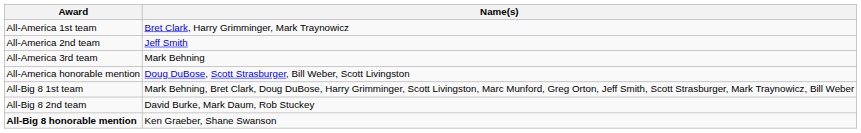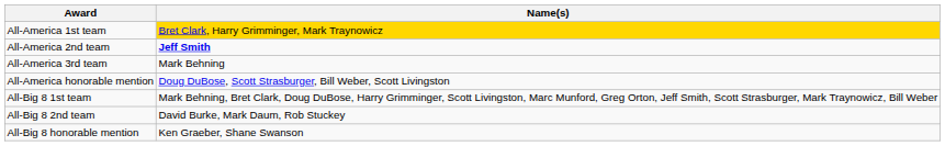 <table class="wikitable">
 <tr>
 <th>Award</th>
 <th>Name(s)</th>
 </tr>
 <tr>
 <td>All-America 1st team</td>
-<td><a href='#'>Bret Clark</a>, Harry Grimminger, Mark Traynowicz</td>
+<td style="background: gold;"><a href='#'>Bret Clark</a>, Harry Grimminger, Mark Traynowicz</td>
 </tr>
 <tr>
 <td>All-America 2nd team</td>
-<td><a href='#'>Jeff Smith</a></td>
+<td><strong><a href='#'>Jeff Smith</a></strong></td>
 </tr>
 <tr>
 <td>All-America 3rd team</td>
 <td>Mark Behning</td>
 </tr>
 <tr>
 <td>All-America honorable mention</td>
 <td><a href='#'>Doug DuBose</a>, <a href='#'>Scott Strasburger</a>, Bill Weber, Scott Livingston</td>
 </tr>
 <tr>
 <td>All-Big 8 1st team</td>
 <td>Mark Behning, Bret Clark, Doug DuBose, Harry Grimminger, Scott Livingston, Marc Munford, Greg Orton, Jeff Smith, Scott Strasburger, Mark Traynowicz, Bill Weber</td>
 </tr>
 <tr>
 <td>All-Big 8 2nd team</td>
 <td>David Burke, Mark Daum, Rob Stuckey</td>
 </tr>
 <tr>
-<td><strong>All-Big 8 honorable mention</strong></td>
+<td>All-Big 8 honorable mention</td>
 <td>Ken Graeber, Shane Swanson</td>
 </tr>
 </table>
